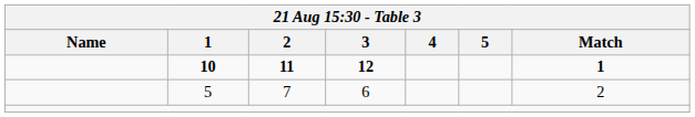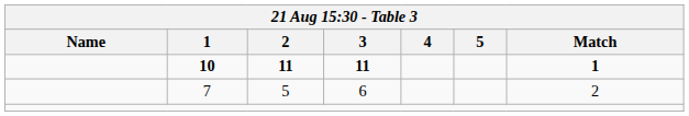 <table class=wikitable style="text-align:center; width: 55%">
 <tr>
 <th colspan=17><em>21 Aug 15:30 - Table 3</em></th>
 </tr>
 <tr>
 <th>Name</th>
 <th>1</th>
 <th>2</th>
 <th>3</th>
 <th>4</th>
 <th>5</th>
 <th>Match</th>
 </tr>
 <tr>
 <td style="text-align:left;"><strong></strong></td>
 <td><strong>10</strong></td>
 <td><strong>11</strong></td>
-<td><strong>12</strong></td>
+<td><strong>11</strong></td>
 <td></td>
 <td></td>
 <td><strong>1</strong></td>
 </tr>
 <tr>
 <td style="text-align:left;"></td>
+<td>7</td>
 <td>5</td>
-<td>7</td>
 <td>6</td>
 <td></td>
 <td></td>
 <td>2</td>
 </tr>
 <tr>
 <td colspan=17></td>
 </tr>
 </table>
